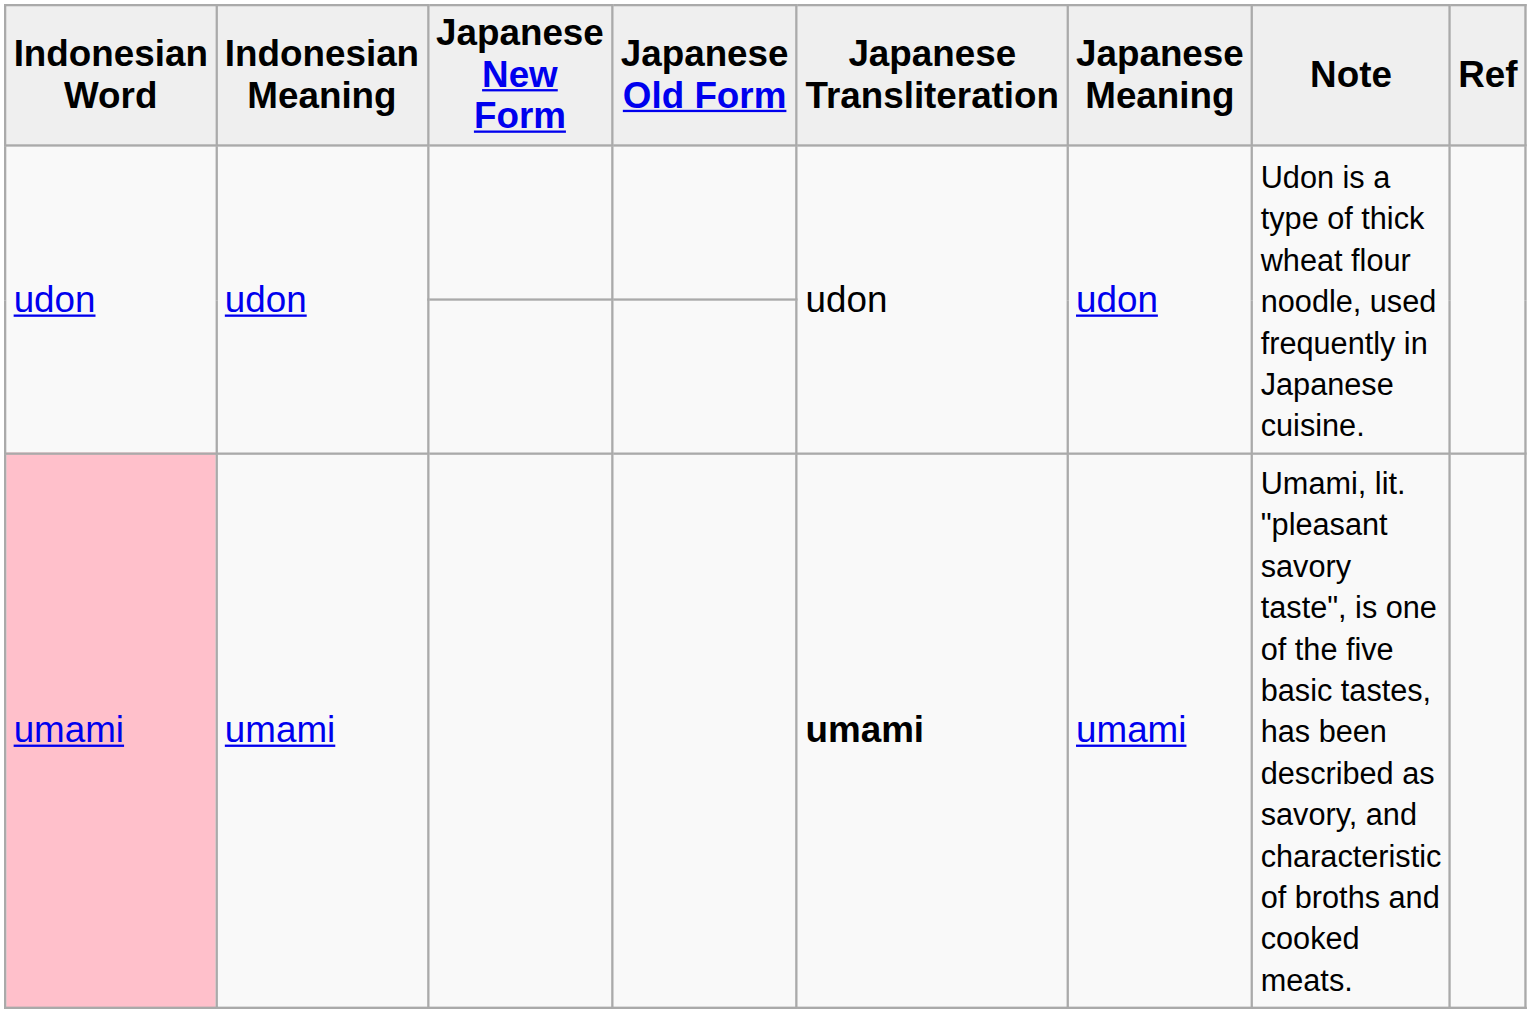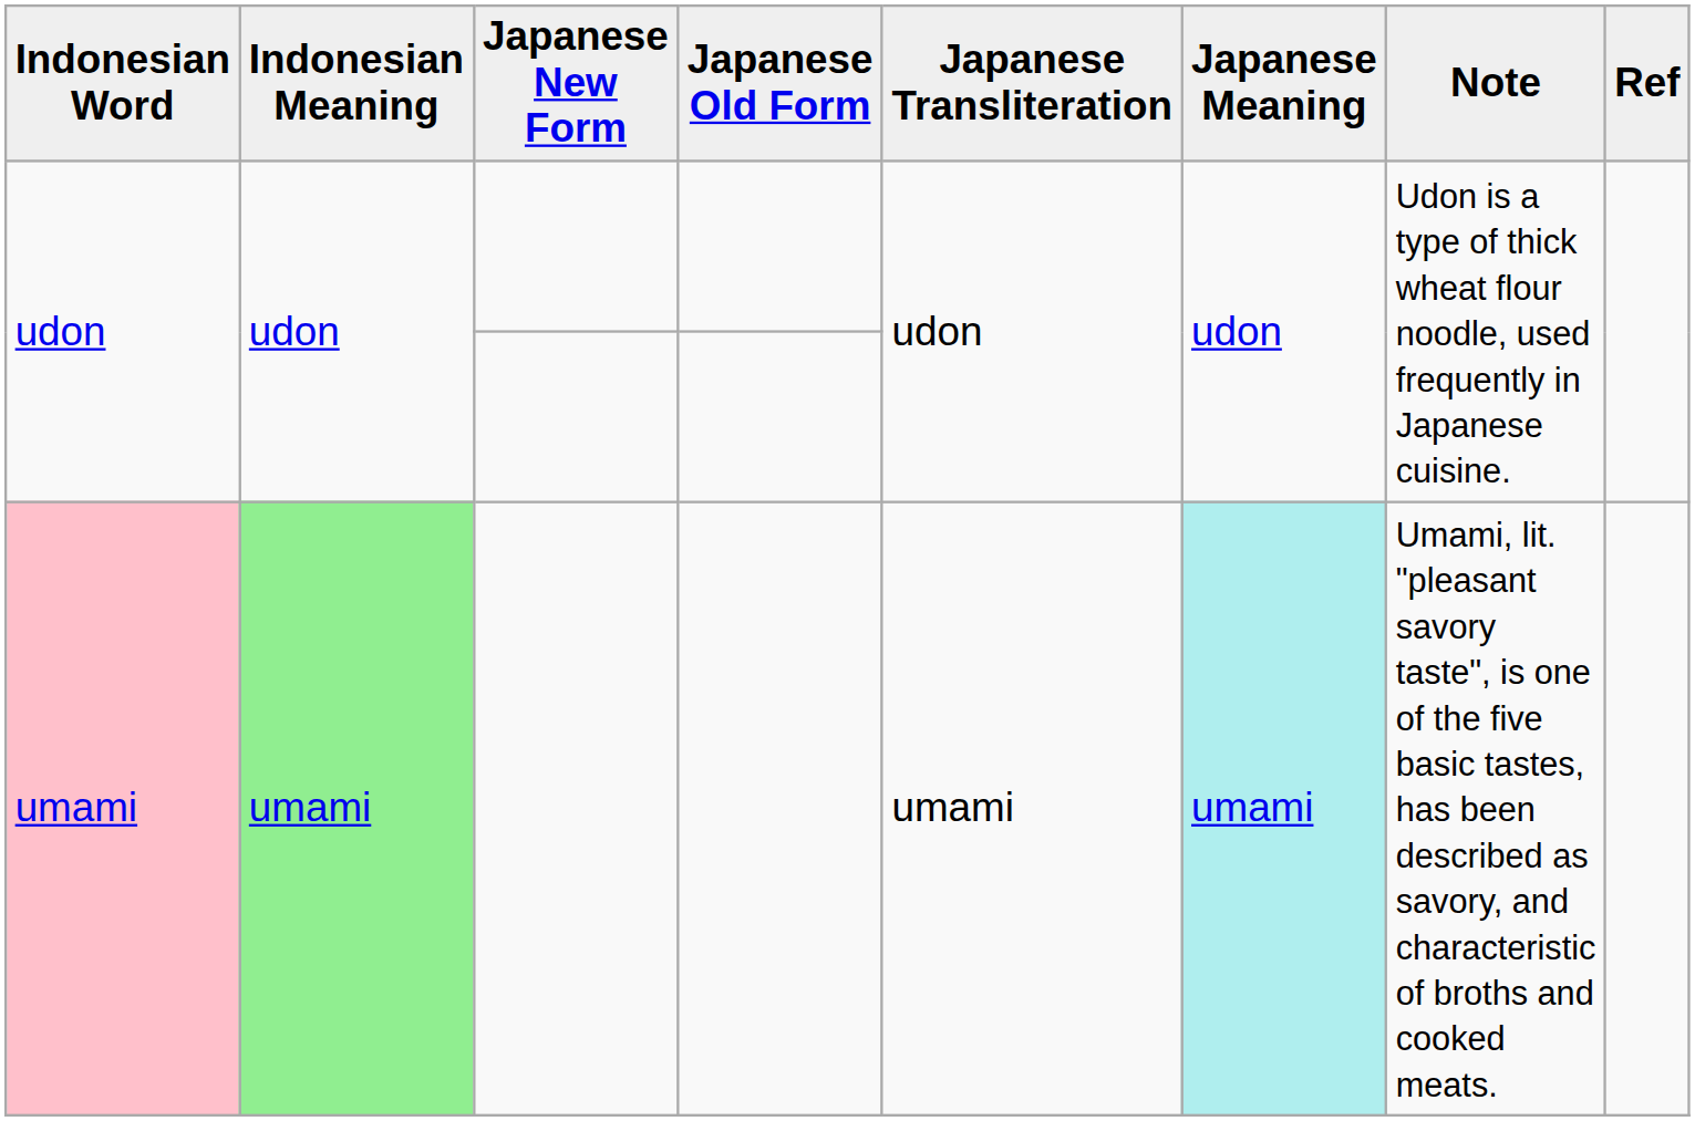 <table class="wikitable">
 <tr>
 <th style="background:#efefef;">Indonesian <br>Word</th>
 <th style="background:#efefef;">Indonesian <br>Meaning</th>
 <th style="background:#efefef;">Japanese <br><a href='#'>New Form</a></th>
 <th style="background:#efefef;">Japanese <br><a href='#'>Old Form</a></th>
 <th style="background:#efefef;">Japanese <br>Transliteration</th>
 <th style="background:#efefef;">Japanese <br>Meaning</th>
 <th style="background:#efefef;">Note</th>
 <th style="background:#efefef;">Ref</th>
 </tr>
 <tr>
 <td rowspan="2"><a href='#'>udon</a></td>
 <td rowspan="2"><a href='#'>udon</a></td>
 <td></td>
 <td></td>
 <td rowspan="2">udon</td>
 <td rowspan="2"><a href='#'>udon</a></td>
 <td rowspan="2"><small>Udon is a type of thick wheat flour noodle, used frequently in Japanese cuisine.</small></td>
 <td rowspan="2"></td>
 </tr>
 <tr>
 <td></td>
 <td></td>
 </tr>
 <tr>
 <td style="background: pink;"><a href='#'>umami</a></td>
-<td><a href='#'>umami</a></td>
+<td style="background: lightgreen;"><a href='#'>umami</a></td>
 <td></td>
 <td></td>
-<td><strong>umami</strong></td>
-<td><a href='#'>umami</a></td>
+<td>umami</td>
+<td style="background: paleturquoise;"><a href='#'>umami</a></td>
 <td><small>Umami, lit. "pleasant savory taste", is one of the five basic tastes, has been described as savory, and characteristic of broths and cooked meats.</small></td>
 <td></td>
 </tr>
 <tr>
 </tr>
 </table>
